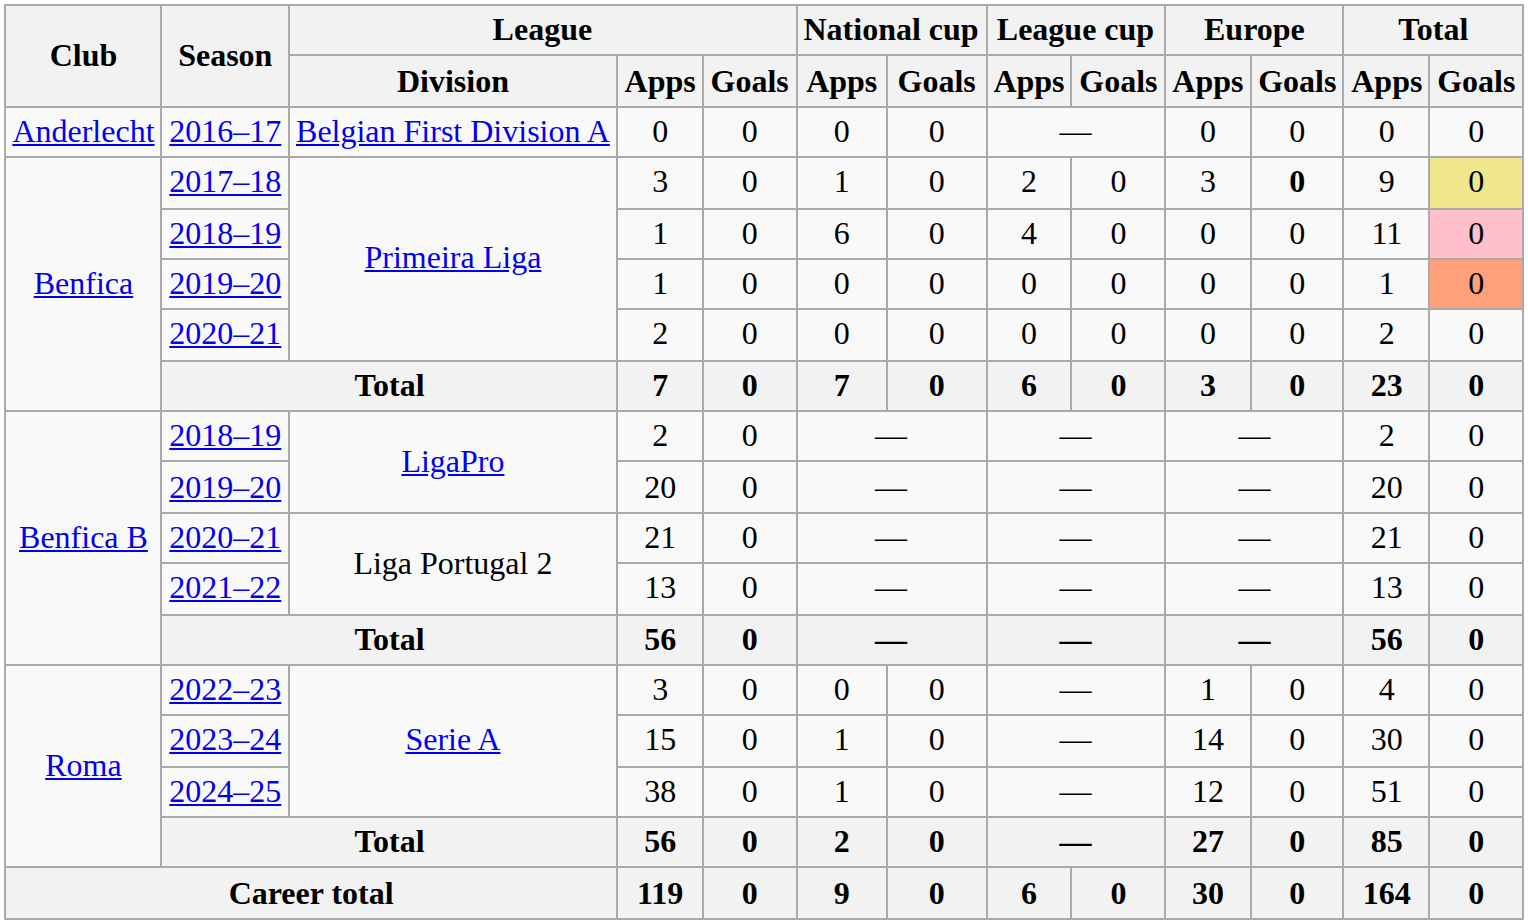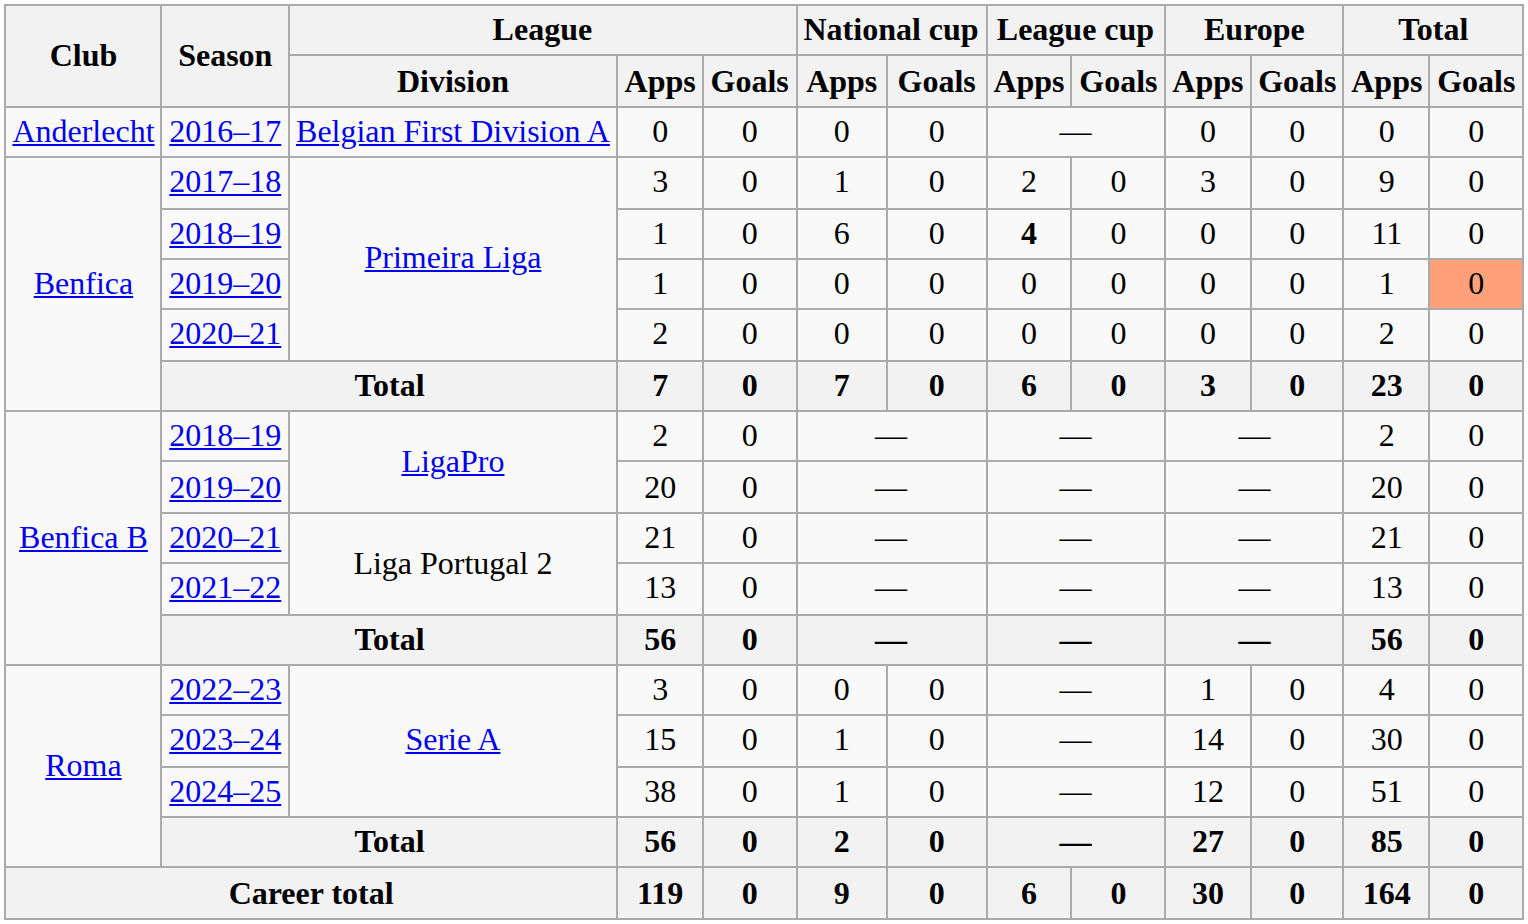 <table class="wikitable" style="text-align:center">
 <tr>
 <th rowspan="2">Club</th>
 <th rowspan="2">Season</th>
 <th colspan="3">League</th>
 <th colspan="2">National cup</th>
 <th colspan="2">League cup</th>
 <th colspan="2">Europe</th>
 <th colspan="2">Total</th>
 </tr>
 <tr>
 <th>Division</th>
 <th>Apps</th>
 <th>Goals</th>
 <th>Apps</th>
 <th>Goals</th>
 <th>Apps</th>
 <th>Goals</th>
 <th>Apps</th>
 <th>Goals</th>
 <th>Apps</th>
 <th>Goals</th>
 </tr>
 <tr>
 <td><a href='#'>Anderlecht</a></td>
 <td><a href='#'>2016–17</a></td>
 <td><a href='#'>Belgian First Division A</a></td>
 <td>0</td>
 <td>0</td>
 <td>0</td>
 <td>0</td>
 <td colspan="2">—</td>
 <td>0</td>
 <td>0</td>
 <td>0</td>
 <td>0</td>
 </tr>
 <tr>
 <td rowspan="5"><a href='#'>Benfica</a></td>
 <td><a href='#'>2017–18</a></td>
 <td rowspan="4"><a href='#'>Primeira Liga</a></td>
 <td>3</td>
 <td>0</td>
 <td>1</td>
 <td>0</td>
 <td>2</td>
 <td>0</td>
 <td>3</td>
-<td><strong>0</strong></td>
+<td>0</td>
 <td>9</td>
-<td style="background: khaki;">0</td>
+<td>0</td>
 </tr>
 <tr>
 <td><a href='#'>2018–19</a></td>
 <td>1</td>
 <td>0</td>
 <td>6</td>
 <td>0</td>
-<td>4</td>
+<td><strong>4</strong></td>
 <td>0</td>
 <td>0</td>
 <td>0</td>
 <td>11</td>
-<td style="background: pink;">0</td>
+<td>0</td>
 </tr>
 <tr>
 <td><a href='#'>2019–20</a></td>
 <td>1</td>
 <td>0</td>
 <td>0</td>
 <td>0</td>
 <td>0</td>
 <td>0</td>
 <td>0</td>
 <td>0</td>
 <td>1</td>
 <td style="background: lightsalmon;">0</td>
 </tr>
 <tr>
 <td><a href='#'>2020–21</a></td>
 <td>2</td>
 <td>0</td>
 <td>0</td>
 <td>0</td>
 <td>0</td>
 <td>0</td>
 <td>0</td>
 <td>0</td>
 <td>2</td>
 <td>0</td>
 </tr>
 <tr>
 <th colspan="2">Total</th>
 <th>7</th>
 <th>0</th>
 <th>7</th>
 <th>0</th>
 <th>6</th>
 <th>0</th>
 <th>3</th>
 <th>0</th>
 <th>23</th>
 <th>0</th>
 </tr>
 <tr>
 <td rowspan="5"><a href='#'>Benfica B</a></td>
 <td><a href='#'>2018–19</a></td>
 <td rowspan="2"><a href='#'>LigaPro</a></td>
 <td>2</td>
 <td>0</td>
 <td colspan="2">—</td>
 <td colspan="2">—</td>
 <td colspan="2">—</td>
 <td>2</td>
 <td>0</td>
 </tr>
 <tr>
 <td><a href='#'>2019–20</a></td>
 <td>20</td>
 <td>0</td>
 <td colspan="2">—</td>
 <td colspan="2">—</td>
 <td colspan="2">—</td>
 <td>20</td>
 <td>0</td>
 </tr>
 <tr>
 <td><a href='#'>2020–21</a></td>
 <td rowspan="2">Liga Portugal 2</td>
 <td>21</td>
 <td>0</td>
 <td colspan="2">—</td>
 <td colspan="2">—</td>
 <td colspan="2">—</td>
 <td>21</td>
 <td>0</td>
 </tr>
 <tr>
 <td><a href='#'>2021–22</a></td>
 <td>13</td>
 <td>0</td>
 <td colspan="2">—</td>
 <td colspan="2">—</td>
 <td colspan="2">—</td>
 <td>13</td>
 <td>0</td>
 </tr>
 <tr>
 <th colspan="2">Total</th>
 <th>56</th>
 <th>0</th>
 <th colspan="2">—</th>
 <th colspan="2">—</th>
 <th colspan="2">—</th>
 <th>56</th>
 <th>0</th>
 </tr>
 <tr>
 <td rowspan="4"><a href='#'>Roma</a></td>
 <td><a href='#'>2022–23</a></td>
 <td rowspan="3"><a href='#'>Serie A</a></td>
 <td>3</td>
 <td>0</td>
 <td>0</td>
 <td>0</td>
 <td colspan="2">—</td>
 <td>1</td>
 <td>0</td>
 <td>4</td>
 <td>0</td>
 </tr>
 <tr>
 <td><a href='#'>2023–24</a></td>
 <td>15</td>
 <td>0</td>
 <td>1</td>
 <td>0</td>
 <td colspan="2">—</td>
 <td>14</td>
 <td>0</td>
 <td>30</td>
 <td>0</td>
 </tr>
 <tr>
 <td><a href='#'>2024–25</a></td>
 <td>38</td>
 <td>0</td>
 <td>1</td>
 <td>0</td>
 <td colspan="2">—</td>
 <td>12</td>
 <td>0</td>
 <td>51</td>
 <td>0</td>
 </tr>
 <tr>
 <th colspan="2">Total</th>
 <th>56</th>
 <th>0</th>
 <th>2</th>
 <th>0</th>
 <th colspan="2">—</th>
 <th>27</th>
 <th>0</th>
 <th>85</th>
 <th>0</th>
 </tr>
 <tr>
 <th colspan="3">Career total</th>
 <th>119</th>
 <th>0</th>
 <th>9</th>
 <th>0</th>
 <th>6</th>
 <th>0</th>
 <th>30</th>
 <th>0</th>
 <th>164</th>
 <th>0</th>
 </tr>
 </table>
